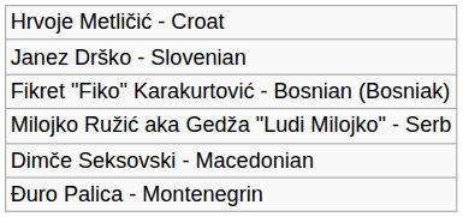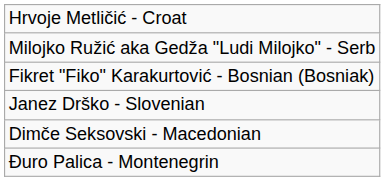 <table class="wikitable">
 <tr>
 <td>Hrvoje Metličić - Croat</td>
 </tr>
 <tr>
-<td>Janez Drško - Slovenian</td>
+<td>Milojko Ružić aka Gedža "Ludi Milojko" - Serb</td>
 </tr>
 <tr>
 <td>Fikret "Fiko" Karakurtović - Bosnian (Bosniak)</td>
 </tr>
 <tr>
-<td>Milojko Ružić aka Gedža "Ludi Milojko" - Serb</td>
+<td>Janez Drško - Slovenian</td>
 </tr>
 <tr>
 <td>Dimče Seksovski - Macedonian</td>
 </tr>
 <tr>
 <td>Đuro Palica - Montenegrin</td>
 </tr>
 </table>
